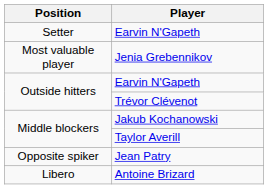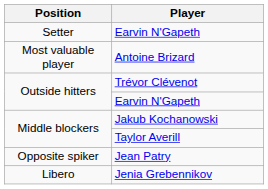 <table class="wikitable">
 <tr>
 <th width="140">Position</th>
 <th width="200">Player</th>
 </tr>
 <tr>
 <td style="text-align:center">Setter</td>
 <td> <a href='#'>Earvin N'Gapeth</a></td>
 </tr>
 <tr>
 <td style="text-align:center">Most valuable player</td>
-<td> <a href='#'>Jenia Grebennikov</a></td>
+<td> <a href='#'>Antoine Brizard</a></td>
 </tr>
 <tr>
 <td rowspan="2" style="text-align:center">Outside hitters</td>
-<td> <a href='#'>Earvin N'Gapeth</a></td>
+<td> <a href='#'>Trévor Clévenot</a></td>
 </tr>
 <tr>
-<td> <a href='#'>Trévor Clévenot</a></td>
+<td> <a href='#'>Earvin N'Gapeth</a></td>
 </tr>
 <tr>
 <td rowspan="2" style="text-align:center">Middle blockers</td>
 <td> <a href='#'>Jakub Kochanowski</a></td>
 </tr>
 <tr>
 <td> <a href='#'>Taylor Averill</a></td>
 </tr>
 <tr>
 <td style="text-align:center">Opposite spiker</td>
 <td> <a href='#'>Jean Patry</a></td>
 </tr>
 <tr>
 <td style="text-align:center">Libero</td>
-<td> <a href='#'>Antoine Brizard</a></td>
+<td> <a href='#'>Jenia Grebennikov</a></td>
 </tr>
 </table>
